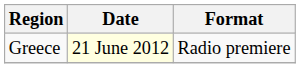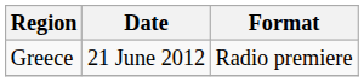 <table class="wikitable">
 <tr>
 <th>Region</th>
 <th>Date</th>
 <th>Format</th>
 </tr>
 <tr>
 <td>Greece</td>
-<td style="background: lightyellow;">21 June 2012</td>
+<td>21 June 2012</td>
 <td>Radio premiere</td>
 </tr>
 <tr>
 </tr>
 </table>
